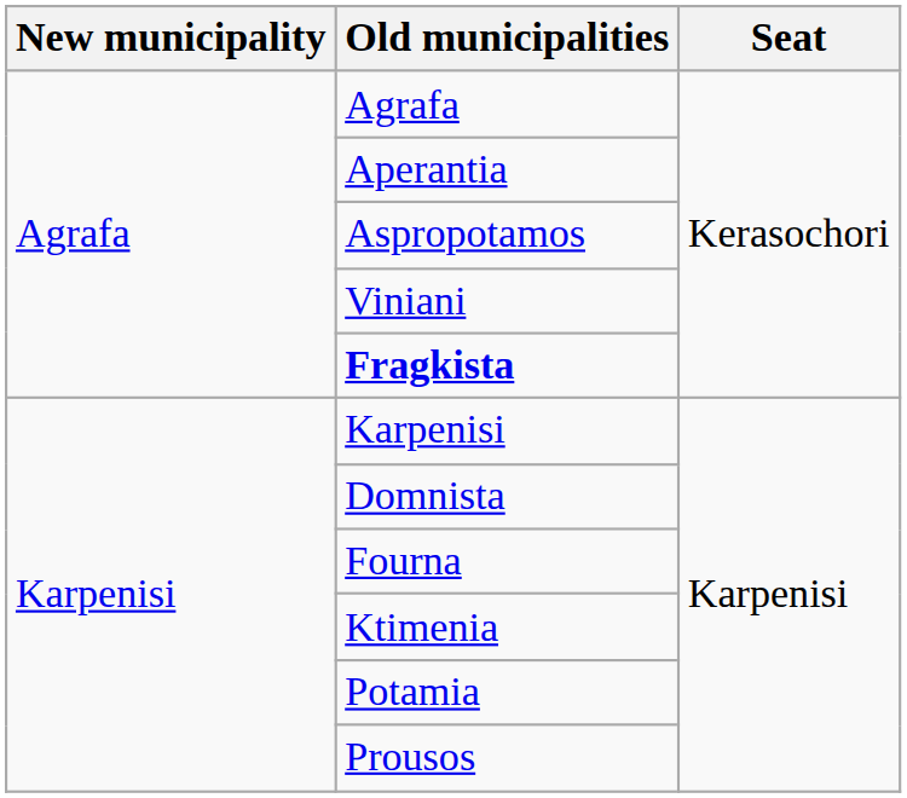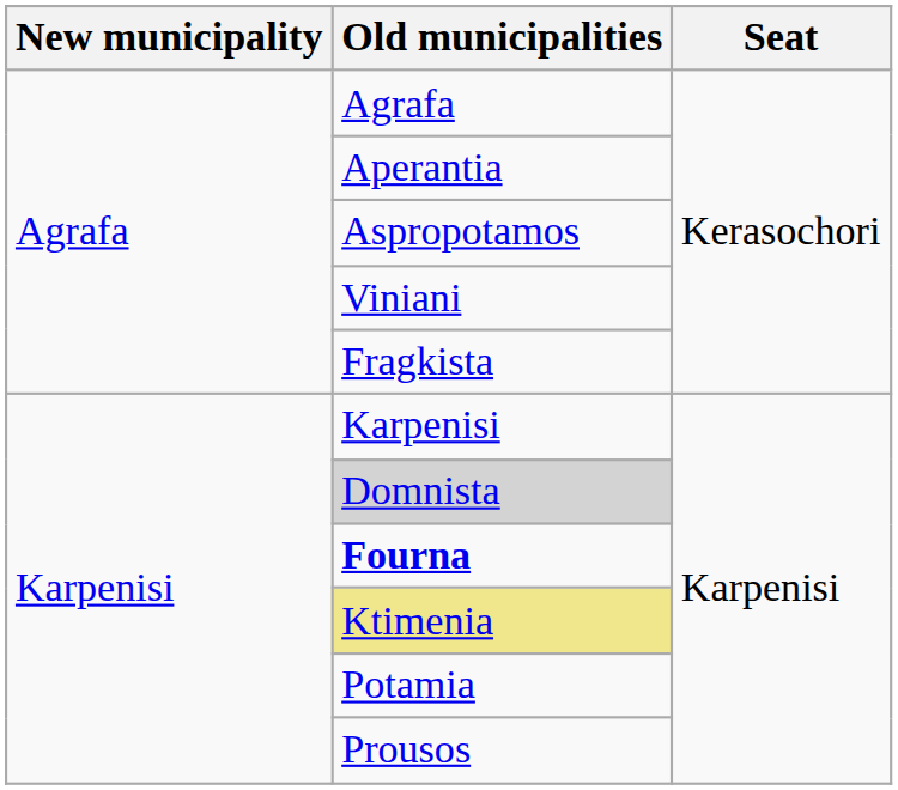 <table class="wikitable">
 <tr>
 <th>New municipality</th>
 <th>Old municipalities</th>
 <th>Seat</th>
 </tr>
 <tr>
 <td rowspan=5><a href='#'>Agrafa</a></td>
 <td><a href='#'>Agrafa</a></td>
 <td rowspan=5>Kerasochori</td>
 </tr>
 <tr>
 <td><a href='#'>Aperantia</a></td>
 </tr>
 <tr>
 <td><a href='#'>Aspropotamos</a></td>
 </tr>
 <tr>
 <td><a href='#'>Viniani</a></td>
 </tr>
 <tr>
-<td><strong><a href='#'>Fragkista</a></strong></td>
+<td><a href='#'>Fragkista</a></td>
 </tr>
 <tr>
 <td rowspan=6><a href='#'>Karpenisi</a></td>
 <td><a href='#'>Karpenisi</a></td>
 <td rowspan=6>Karpenisi</td>
 </tr>
 <tr>
-<td><a href='#'>Domnista</a></td>
+<td style="background: lightgrey;"><a href='#'>Domnista</a></td>
 </tr>
 <tr>
-<td><a href='#'>Fourna</a></td>
+<td><strong><a href='#'>Fourna</a></strong></td>
 </tr>
 <tr>
-<td><a href='#'>Ktimenia</a></td>
+<td style="background: khaki;"><a href='#'>Ktimenia</a></td>
 </tr>
 <tr>
 <td><a href='#'>Potamia</a></td>
 </tr>
 <tr>
 <td><a href='#'>Prousos</a></td>
 </tr>
 </table>
